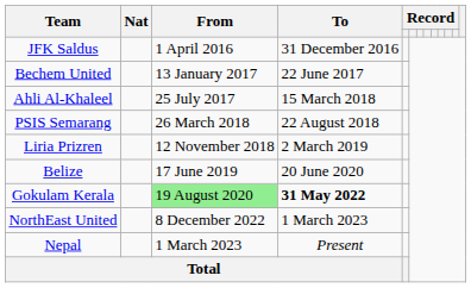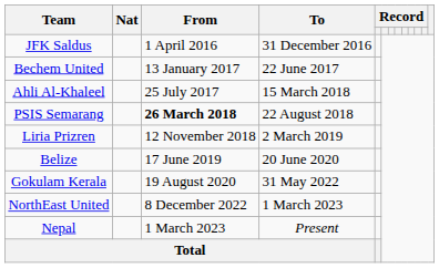 <table class="wikitable" style="text-align:center">
 <tr>
 <th rowspan="2">Team</th>
 <th rowspan="2">Nat</th>
 <th rowspan="2">From</th>
 <th rowspan="2">To</th>
 <th colspan="8">Record</th>
 <th rowspan="2"></th>
 </tr>
 <tr>
 <th></th>
 <th></th>
 <th></th>
 <th></th>
 <th></th>
 <th></th>
 <th></th>
 <th></th>
 </tr>
 <tr>
 <td><a href='#'>JFK Saldus</a></td>
 <td></td>
 <td align="left">1 April 2016</td>
 <td align=left>31 December 2016<br></td>
 <td></td>
 </tr>
 <tr>
 <td><a href='#'>Bechem United</a></td>
 <td></td>
 <td align="left">13 January 2017</td>
 <td align=left>22 June 2017<br></td>
 <td></td>
 </tr>
 <tr>
 <td><a href='#'>Ahli Al-Khaleel</a></td>
 <td></td>
 <td align="left">25 July 2017</td>
 <td align=left>15 March 2018<br></td>
 <td></td>
 </tr>
 <tr>
 <td><a href='#'>PSIS Semarang</a></td>
 <td></td>
-<td align="left">26 March 2018</td>
+<td align="left"><strong>26 March 2018</strong></td>
 <td align=left>22 August 2018<br></td>
 <td></td>
 </tr>
 <tr>
 <td><a href='#'>Liria Prizren</a></td>
 <td></td>
 <td align="left">12 November 2018</td>
 <td align=left>2 March 2019<br></td>
 <td></td>
 </tr>
 <tr>
 <td><a href='#'>Belize</a></td>
 <td></td>
 <td align="left">17 June 2019</td>
 <td align=left>20 June 2020<br></td>
 <td></td>
 </tr>
 <tr>
 <td><a href='#'>Gokulam Kerala</a></td>
 <td></td>
-<td align="left" style="background: lightgreen;">19 August 2020</td>
-<td align=left><strong>31 May 2022<br></strong></td>
+<td align="left">19 August 2020</td>
+<td align=left>31 May 2022<br></td>
 <td></td>
 </tr>
 <tr>
 <td><a href='#'>NorthEast United</a></td>
 <td></td>
 <td align="left">8 December 2022</td>
 <td align=left>1 March 2023<br></td>
 <td></td>
 </tr>
 <tr>
 <td><a href='#'>Nepal</a></td>
 <td></td>
 <td align="left">1 March 2023</td>
 <td><em>Present</em><br></td>
 <td></td>
 </tr>
 <tr>
 <th colspan="4"><strong>Total</strong><br></th>
 <th></th>
 </tr>
 </table>
